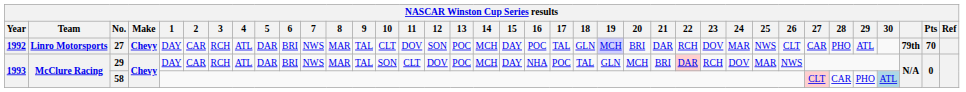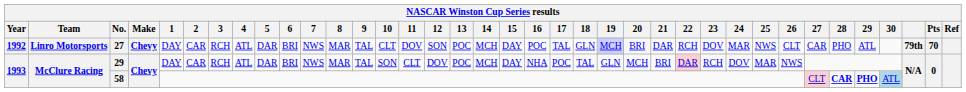 <table class="wikitable" style="text-align:center; font-size:75%">
 <tr>
 <th colspan=37><a href='#'>NASCAR Winston Cup Series</a> results</th>
 </tr>
 <tr>
 <th>Year</th>
 <th>Team</th>
 <th>No.</th>
 <th>Make</th>
 <th>1</th>
 <th>2</th>
 <th>3</th>
 <th>4</th>
 <th>5</th>
 <th>6</th>
 <th>7</th>
 <th>8</th>
 <th>9</th>
 <th>10</th>
 <th>11</th>
 <th>12</th>
 <th>13</th>
 <th>14</th>
 <th>15</th>
 <th>16</th>
 <th>17</th>
 <th>18</th>
 <th>19</th>
 <th>20</th>
 <th>21</th>
 <th>22</th>
 <th>23</th>
 <th>24</th>
 <th>25</th>
 <th>26</th>
 <th>27</th>
 <th>28</th>
 <th>29</th>
 <th>30</th>
 <th></th>
 <th>Pts</th>
 <th>Ref</th>
 </tr>
 <tr>
 <th><a href='#'>1992</a></th>
 <th><a href='#'>Linro Motorsports</a></th>
 <th>27</th>
 <th><a href='#'>Chevy</a></th>
 <td><a href='#'>DAY</a></td>
 <td><a href='#'>CAR</a></td>
 <td><a href='#'>RCH</a></td>
 <td><a href='#'>ATL</a></td>
 <td><a href='#'>DAR</a></td>
 <td><a href='#'>BRI</a></td>
 <td><a href='#'>NWS</a></td>
 <td><a href='#'>MAR</a></td>
 <td><a href='#'>TAL</a></td>
 <td><a href='#'>CLT</a></td>
 <td><a href='#'>DOV</a></td>
 <td><a href='#'>SON</a></td>
 <td><a href='#'>POC</a></td>
 <td><a href='#'>MCH</a></td>
 <td><a href='#'>DAY</a></td>
 <td><a href='#'>POC</a></td>
 <td><a href='#'>TAL</a></td>
 <td><a href='#'>GLN</a></td>
 <td style="background:#CFCFFF;"><a href='#'>MCH</a><br></td>
 <td><a href='#'>BRI</a></td>
 <td><a href='#'>DAR</a></td>
 <td><a href='#'>RCH</a></td>
 <td><a href='#'>DOV</a></td>
 <td><a href='#'>MAR</a></td>
 <td><a href='#'>NWS</a></td>
 <td><a href='#'>CLT</a></td>
 <td><a href='#'>CAR</a></td>
 <td><a href='#'>PHO</a></td>
 <td><a href='#'>ATL</a></td>
 <td></td>
 <th>79th</th>
 <th>70</th>
 <th></th>
 </tr>
 <tr>
 <th rowspan=2><a href='#'>1993</a></th>
 <th rowspan=2><a href='#'>McClure Racing</a></th>
 <th>29</th>
 <th rowspan=2><a href='#'>Chevy</a></th>
 <td><a href='#'>DAY</a></td>
 <td><a href='#'>CAR</a></td>
 <td><a href='#'>RCH</a></td>
 <td><a href='#'>ATL</a></td>
 <td><a href='#'>DAR</a></td>
 <td><a href='#'>BRI</a></td>
 <td><a href='#'>NWS</a></td>
 <td><a href='#'>MAR</a></td>
 <td><a href='#'>TAL</a></td>
 <td><a href='#'>SON</a></td>
 <td><a href='#'>CLT</a></td>
 <td><a href='#'>DOV</a></td>
 <td><a href='#'>POC</a></td>
 <td><a href='#'>MCH</a></td>
 <td><a href='#'>DAY</a></td>
 <td><a href='#'>NHA</a></td>
 <td><a href='#'>POC</a></td>
 <td><a href='#'>TAL</a></td>
 <td><a href='#'>GLN</a></td>
 <td><a href='#'>MCH</a></td>
 <td><a href='#'>BRI</a></td>
 <td style="background:#FFCFCF;"><a href='#'>DAR</a><br></td>
 <td><a href='#'>RCH</a></td>
 <td><a href='#'>DOV</a></td>
 <td><a href='#'>MAR</a></td>
 <td><a href='#'>NWS</a></td>
 <td colspan=4></td>
 <th rowspan=2>N/A</th>
 <th rowspan=2>0</th>
 <th rowspan=2></th>
 </tr>
 <tr>
 <th>58</th>
 <td colspan=26></td>
 <td style="background:#FFCFCF;"><a href='#'>CLT</a><br></td>
-<td><a href='#'>CAR</a></td>
-<td><a href='#'>PHO</a></td>
+<td><strong><a href='#'>CAR</a></strong></td>
+<td><strong><a href='#'>PHO</a></strong></td>
 <td style="background: lightblue;"><a href='#'>ATL</a></td>
 </tr>
 </table>
